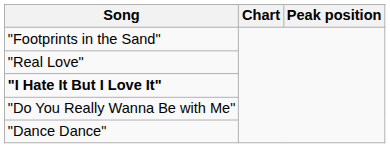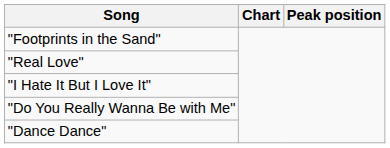 <table class="wikitable sortable" border="1">
 <tr>
 <th>Song</th>
 <th>Chart</th>
 <th>Peak position</th>
 </tr>
 <tr>
 <td>"Footprints in the Sand"<br></td>
 </tr>
 <tr>
 <td>"Real Love"<br></td>
 </tr>
 <tr>
-<td><strong>"I Hate It But I Love It"<br></strong></td>
+<td>"I Hate It But I Love It"<br></td>
 </tr>
 <tr>
 <td>"Do You Really Wanna Be with Me"<br></td>
 </tr>
 <tr>
 <td>"Dance Dance"<br></td>
 </tr>
 </table>
